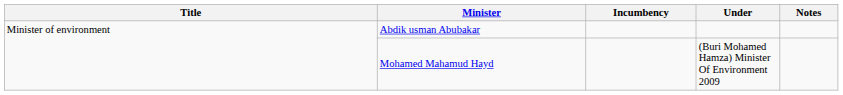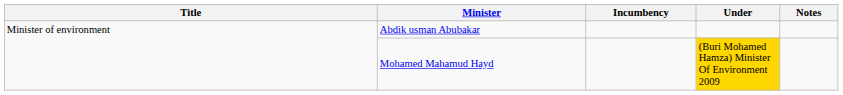 <table class="wikitable" style="width:100%;">
 <tr>
 <th>Title</th>
 <th style="width:25%;"><a href='#'>Minister</a></th>
 <th style="width:160px;">Incumbency</th>
 <th style="width:10%;">Under</th>
 <th style="width:7%;">Notes</th>
 </tr>
 <tr>
 <td rowspan="2" style="vertical-align:top;">Minister of environment</td>
 <td><a href='#'>Abdik usman Abubakar</a></td>
 <td></td>
 <td></td>
 <td></td>
 </tr>
 <tr>
 <td><a href='#'>Mohamed Mahamud Hayd</a></td>
 <td></td>
-<td>(Buri Mohamed Hamza) Minister Of Environment 2009</td>
+<td style="background: gold;">(Buri Mohamed Hamza) Minister Of Environment 2009</td>
 <td></td>
 </tr>
 </table>
